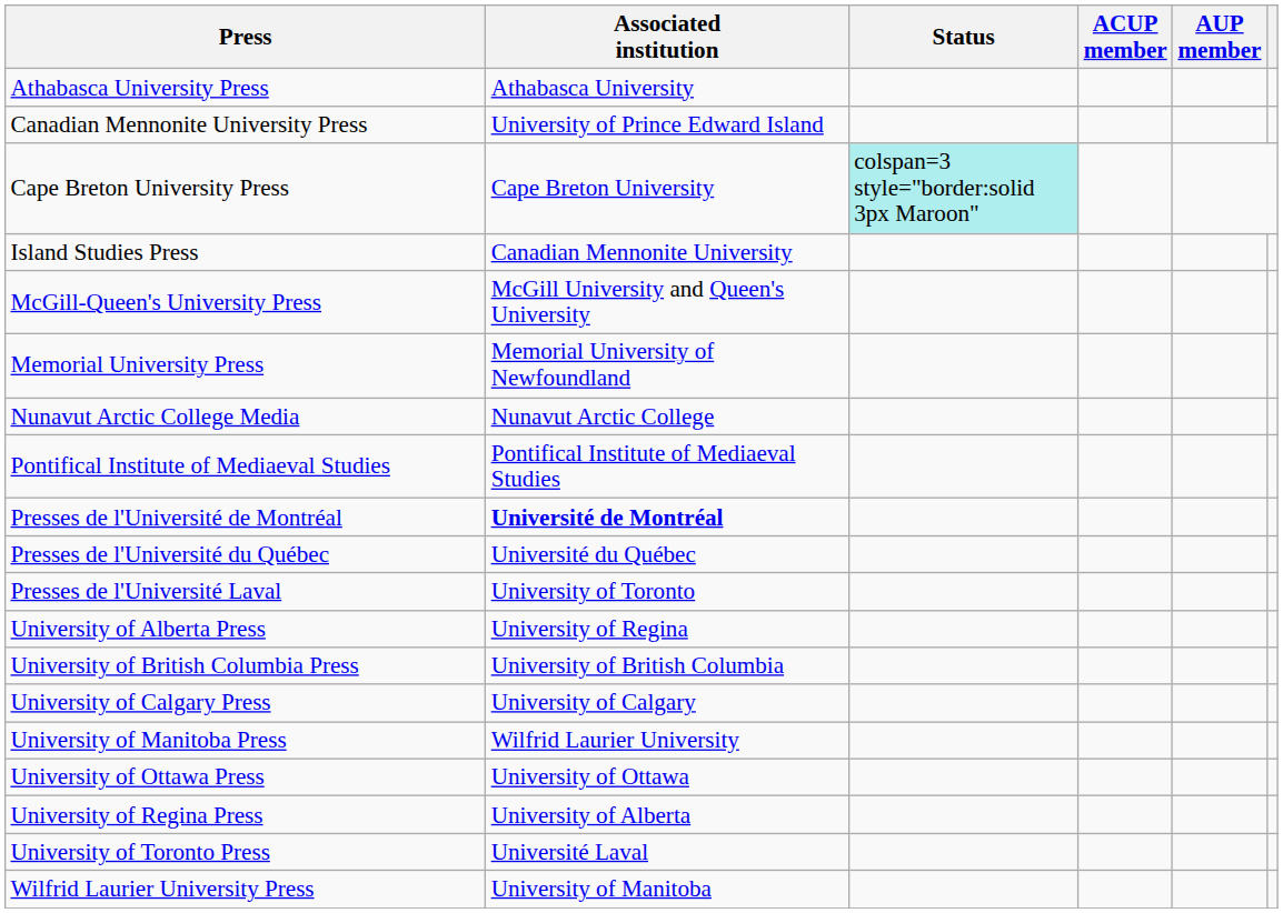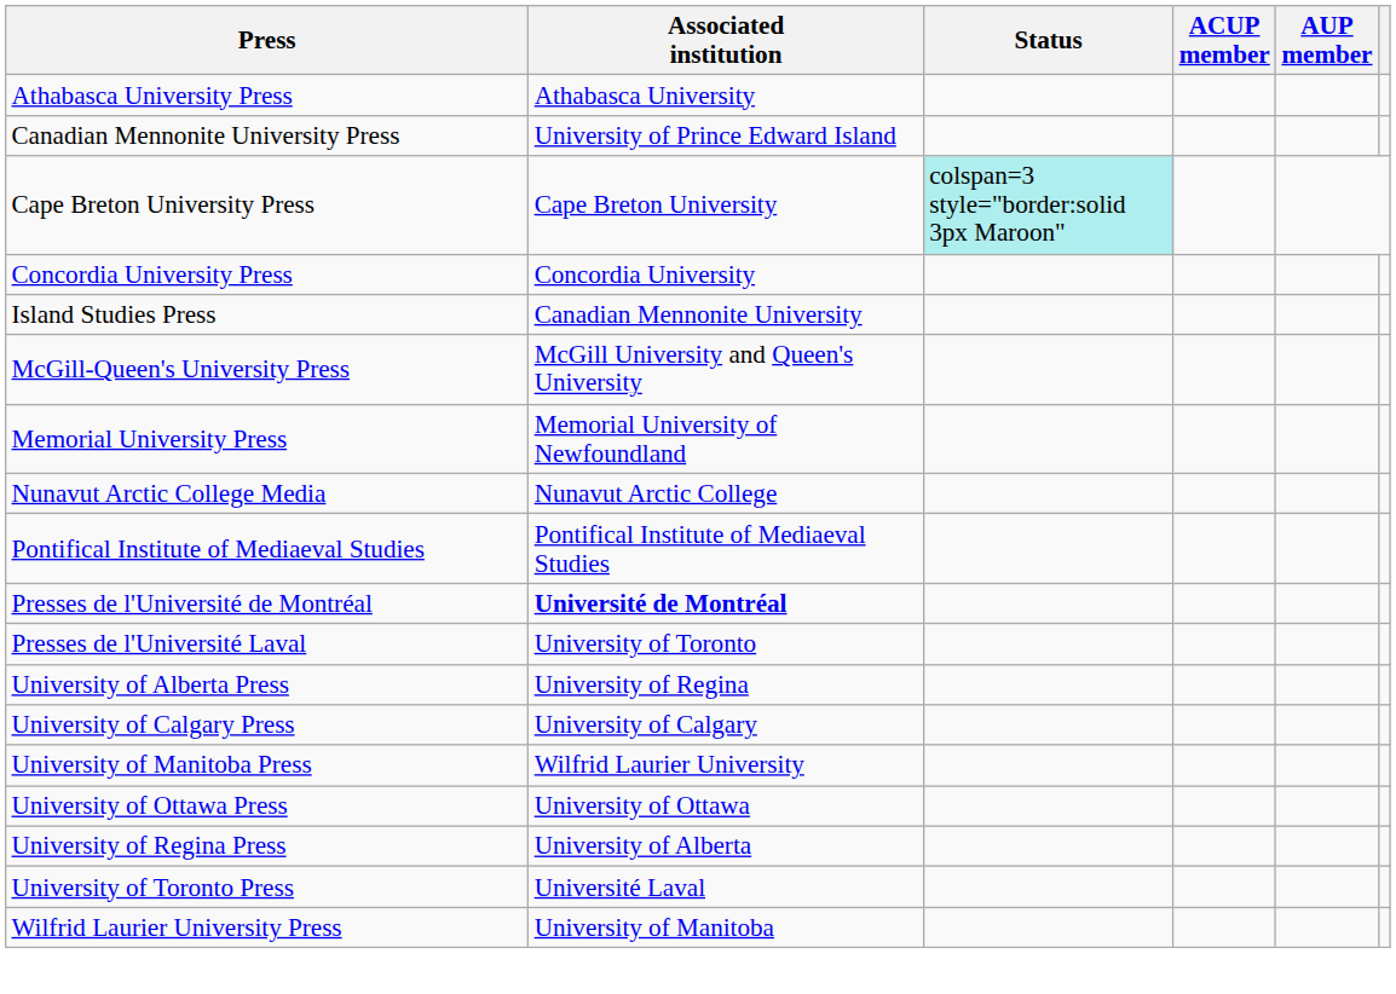 <table class="wikitable sortable">
 <tr>
 <th style="width:20em">Press</th>
 <th style="width:15em">Associated<br>institution</th>
 <th>Status</th>
 <th><a href='#'>ACUP<br>member</a></th>
 <th><a href='#'>AUP<br>member</a></th>
 <th></th>
 </tr>
 <tr>
 <td><a href='#'>Athabasca University Press</a></td>
 <td><a href='#'>Athabasca University</a></td>
 <td></td>
 <td></td>
 <td></td>
 <td></td>
 </tr>
 <tr>
 <td>Canadian Mennonite University Press</td>
 <td><a href='#'>University of Prince Edward Island</a></td>
 <td></td>
 <td></td>
 <td></td>
 <td></td>
 </tr>
 <tr>
 <td>Cape Breton University Press</td>
 <td><a href='#'>Cape Breton University</a></td>
 <td style="background: paleturquoise;">colspan=3 style="border:solid 3px Maroon"  </td>
+<td></td>
+</tr>
+<tr>
+<td><a href='#'>Concordia University Press</a></td>
+<td><a href='#'>Concordia University</a></td>
+<td></td>
+<td></td>
+<td></td>
 <td></td>
 </tr>
 <tr>
 <td>Island Studies Press</td>
 <td><a href='#'>Canadian Mennonite University</a></td>
 <td></td>
 <td></td>
 <td></td>
 <td></td>
 </tr>
 <tr>
 <td><a href='#'>McGill-Queen's University Press</a></td>
 <td><a href='#'>McGill University</a> and <a href='#'>Queen's University</a></td>
 <td></td>
 <td></td>
 <td></td>
 <td></td>
 </tr>
 <tr>
 <td><a href='#'>Memorial University Press</a></td>
 <td><a href='#'>Memorial University of Newfoundland</a></td>
 <td></td>
 <td></td>
 <td></td>
 <td></td>
 </tr>
 <tr>
 <td><a href='#'>Nunavut Arctic College Media</a></td>
 <td><a href='#'>Nunavut Arctic College</a></td>
 <td></td>
 <td></td>
 <td></td>
 <td></td>
 </tr>
 <tr>
 <td><a href='#'>Pontifical Institute of Mediaeval Studies</a></td>
 <td><a href='#'>Pontifical Institute of Mediaeval Studies</a></td>
 <td></td>
 <td></td>
 <td></td>
 <td></td>
 </tr>
 <tr>
 <td><a href='#'>Presses de l'Université de Montréal</a></td>
 <td><strong><a href='#'>Université de Montréal</a></strong></td>
 <td></td>
 <td></td>
 <td></td>
 <td></td>
 </tr>
 <tr>
-<td><a href='#'>Presses de l'Université du Québec</a></td>
-<td><a href='#'>Université du Québec</a></td>
-<td></td>
-<td></td>
-<td></td>
-<td></td>
-</tr>
-<tr>
 <td><a href='#'>Presses de l'Université Laval</a></td>
 <td><a href='#'>University of Toronto</a></td>
 <td></td>
 <td></td>
 <td></td>
 <td></td>
 </tr>
 <tr>
 <td><a href='#'>University of Alberta Press</a></td>
 <td><a href='#'>University of Regina</a></td>
-<td></td>
-<td></td>
-<td></td>
-<td></td>
-</tr>
-<tr>
-<td><a href='#'>University of British Columbia Press</a></td>
-<td><a href='#'>University of British Columbia</a></td>
 <td></td>
 <td></td>
 <td></td>
 <td></td>
 </tr>
 <tr>
 <td><a href='#'>University of Calgary Press</a></td>
 <td><a href='#'>University of Calgary</a></td>
 <td></td>
 <td></td>
 <td></td>
 <td></td>
 </tr>
 <tr>
 <td><a href='#'>University of Manitoba Press</a></td>
 <td><a href='#'>Wilfrid Laurier University</a></td>
 <td></td>
 <td></td>
 <td></td>
 <td></td>
 </tr>
 <tr>
 <td><a href='#'>University of Ottawa Press</a></td>
 <td><a href='#'>University of Ottawa</a></td>
 <td></td>
 <td></td>
 <td></td>
 <td></td>
 </tr>
 <tr>
 <td><a href='#'>University of Regina Press</a></td>
 <td><a href='#'>University of Alberta</a></td>
 <td></td>
 <td></td>
 <td></td>
 <td></td>
 </tr>
 <tr>
 <td><a href='#'>University of Toronto Press</a></td>
 <td><a href='#'>Université Laval</a></td>
 <td></td>
 <td></td>
 <td></td>
 <td></td>
 </tr>
 <tr>
 <td><a href='#'>Wilfrid Laurier University Press</a></td>
 <td><a href='#'>University of Manitoba</a></td>
 <td></td>
 <td></td>
 <td></td>
 <td></td>
 </tr>
 </table>
